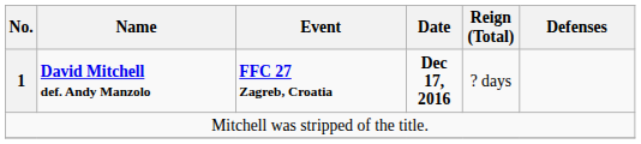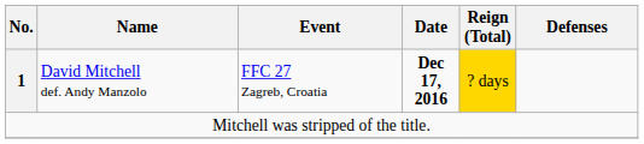 <table class="wikitable" style="width:99%;">
 <tr>
 <th style="width:2%;">No.</th>
 <th>Name</th>
 <th>Event</th>
 <th style="width:9%;">Date</th>
 <th style="width:9%;">Reign<br>(Total)</th>
 <th>Defenses</th>
 </tr>
 <tr>
 <th>1</th>
-<td><strong> <a href='#'>David Mitchell</a><br><small>def. Andy Manzolo </small></strong></td>
-<td><strong><a href='#'>FFC 27</a><br><small>Zagreb, Croatia</small></strong></td>
+<td> <a href='#'>David Mitchell</a><br><small>def. Andy Manzolo </small></td>
+<td><a href='#'>FFC 27</a><br><small>Zagreb, Croatia</small></td>
 <td style="text-align:center;"><strong>Dec 17, 2016</strong></td>
-<td style="text-align:center;">? days</td>
+<td style="background: gold; text-align:center;">? days</td>
 <td></td>
 </tr>
 <tr>
 <td align="center" colspan="6">Mitchell was stripped of the title.</td>
 </tr>
 <tr>
 </tr>
 </table>
